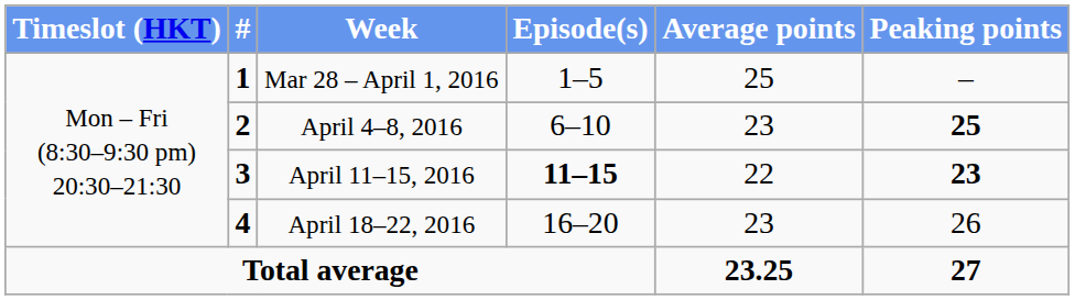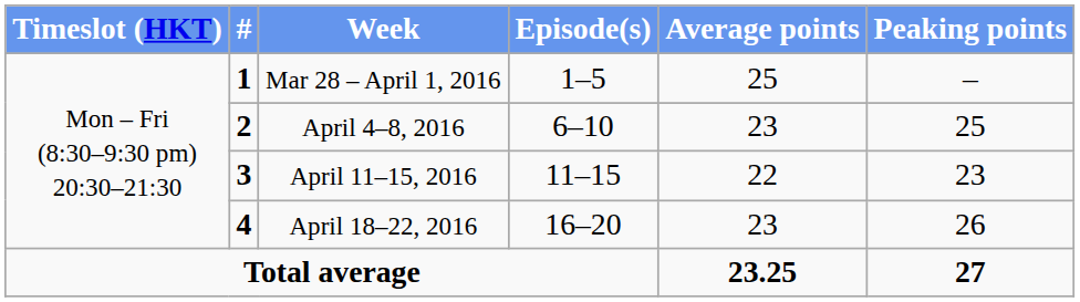 <table class="wikitable" style="text-align:center;">
 <tr>
 <th style="background:cornflowerblue; color:white;">Timeslot (<a href='#'>HKT</a>)</th>
 <th style="background:cornflowerblue; color:white;">#</th>
 <th style="background:cornflowerblue; color:white;">Week</th>
 <th style="background:cornflowerblue; color:white;">Episode(s)</th>
 <th style="background:cornflowerblue; color:white;">Average points</th>
 <th style="background:cornflowerblue; color:white;">Peaking points</th>
 </tr>
 <tr>
 <td rowspan="4"><small>Mon – Fri<br>(8:30–9:30 pm)<br>20:30–21:30</small></td>
 <td><strong>1</strong></td>
 <td><small>Mar 28 – April 1, 2016</small></td>
 <td>1–5</td>
 <td>25</td>
 <td>–</td>
 </tr>
 <tr>
 <td><strong>2</strong></td>
 <td><small>April 4–8, 2016</small></td>
 <td>6–10</td>
 <td>23</td>
-<td><strong>25</strong></td>
+<td>25</td>
 </tr>
 <tr>
 <td><strong>3</strong></td>
 <td><small>April 11–15, 2016</small></td>
-<td><strong>11–15</strong></td>
+<td>11–15</td>
 <td>22</td>
-<td><strong>23</strong></td>
+<td>23</td>
 </tr>
 <tr>
 <td><strong>4</strong></td>
 <td><small>April 18–22, 2016</small></td>
 <td>16–20</td>
 <td>23</td>
 <td>26</td>
 </tr>
 <tr>
 <td colspan="4"><strong>Total average</strong></td>
 <td><strong>23.25</strong></td>
 <td><strong>27</strong></td>
 </tr>
 </table>
